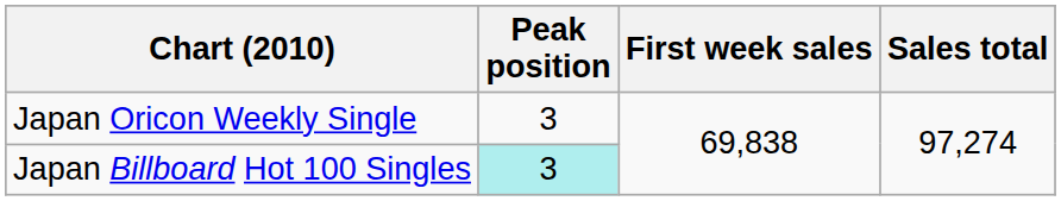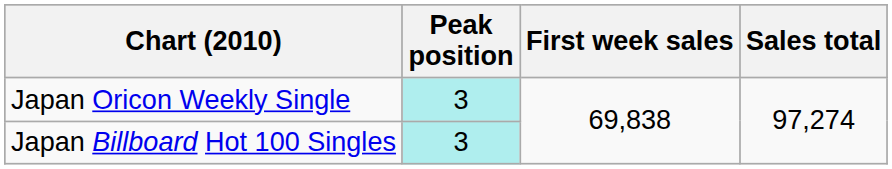 <table class="wikitable sortable">
 <tr>
 <th>Chart (2010)</th>
 <th>Peak<br>position</th>
 <th>First week sales</th>
 <th>Sales total</th>
 </tr>
 <tr>
 <td>Japan <a href='#'>Oricon Weekly Single</a></td>
-<td align="center">3</td>
+<td align="center" style="background: paleturquoise;">3</td>
 <td rowspan=2 align="center">69,838</td>
 <td rowspan=2 align="center">97,274</td>
 </tr>
 <tr>
 <td>Japan <em><a href='#'>Billboard</a></em> <a href='#'>Hot 100 Singles</a></td>
 <td align="center" style="background: paleturquoise;">3</td>
 </tr>
 </table>
